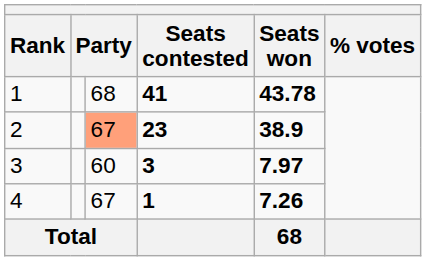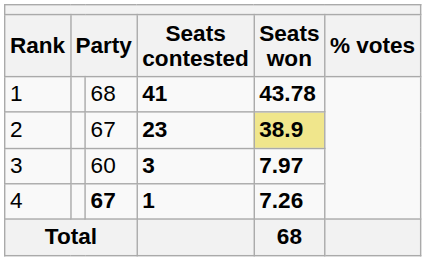 <table class="wikitable sortable">
 <tr>
 <th colspan=6></th>
 </tr>
 <tr>
 <th>Rank</th>
 <th colspan=2>Party</th>
 <th>Seats<br>contested</th>
 <th>Seats<br>won</th>
 <th>% votes</th>
 </tr>
 <tr>
 <td>1</td>
 <td></td>
 <td>68</td>
 <td><strong>41</strong></td>
 <td><strong>43.78</strong></td>
 </tr>
 <tr>
 <td>2</td>
 <td></td>
-<td style="background: lightsalmon;">67</td>
+<td>67</td>
 <td><strong>23</strong></td>
-<td><strong>38.9</strong></td>
+<td style="background: khaki;"><strong>38.9</strong></td>
 </tr>
 <tr>
 <td>3</td>
 <td></td>
 <td>60</td>
 <td><strong>3</strong></td>
 <td><strong>7.97</strong></td>
 </tr>
 <tr>
 <td>4</td>
 <td></td>
-<td>67</td>
+<td><strong>67</strong></td>
 <td><strong>1</strong></td>
 <td><strong>7.26</strong></td>
 </tr>
 <tr>
 <th colspan=3>Total</th>
 <th></th>
 <th>68</th>
 <th></th>
 </tr>
 </table>
